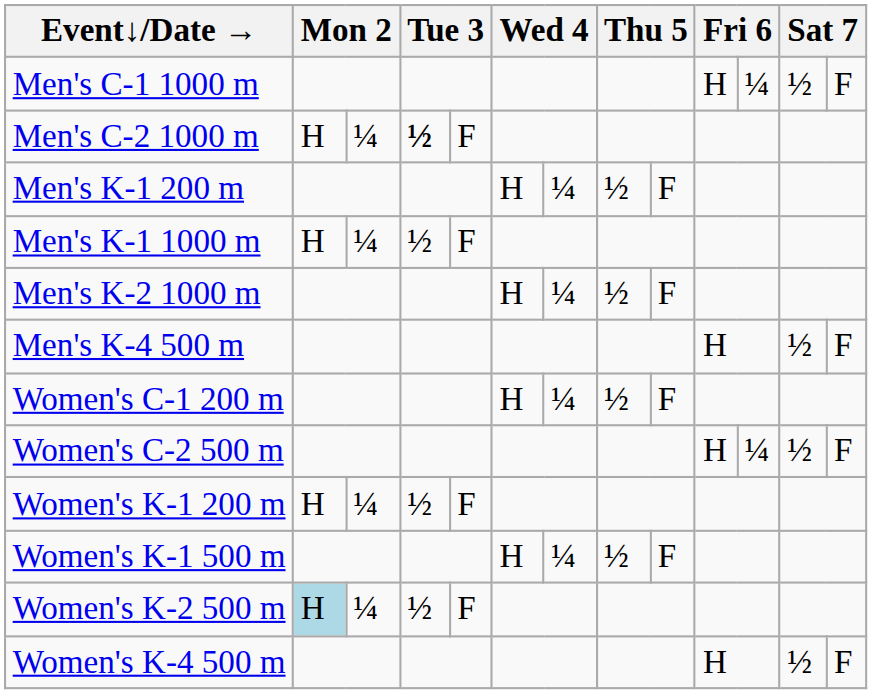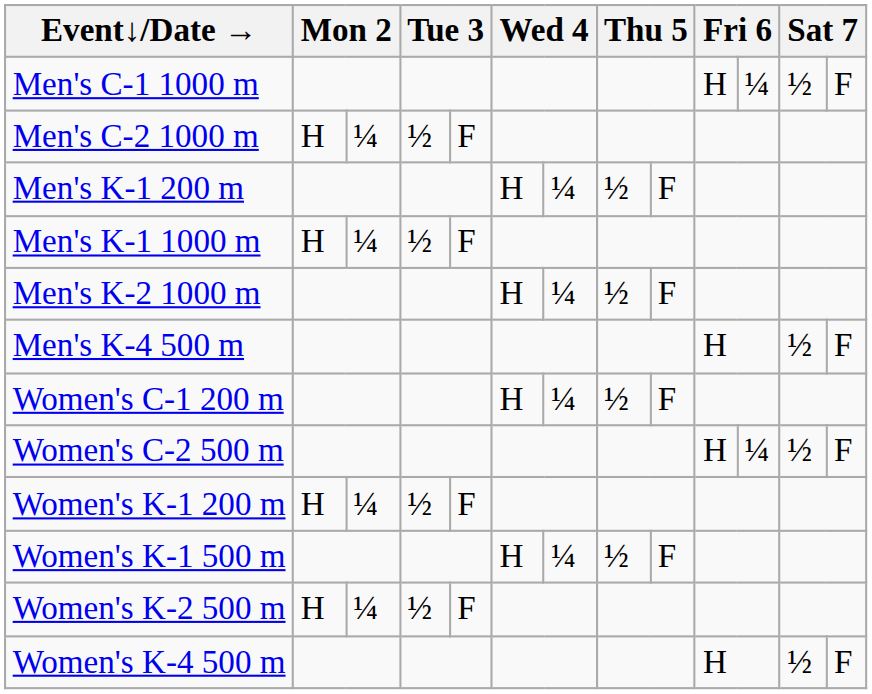 <table class="wikitable olympic-schedule canoeing">
 <tr>
 <th>Event↓/Date →</th>
 <th colspan="2">Mon 2</th>
 <th colspan="2">Tue 3</th>
 <th colspan="2">Wed 4</th>
 <th colspan="2">Thu 5</th>
 <th colspan="2">Fri 6</th>
 <th colspan="2">Sat 7</th>
 </tr>
 <tr>
 <td class="event"><a href='#'>Men's C-1 1000 m</a></td>
 <td colspan="2"></td>
 <td colspan="2"></td>
 <td colspan="2"></td>
 <td colspan="2"></td>
 <td class="heats">H</td>
 <td class="quarterfinals">¼</td>
 <td class="semifinals">½</td>
 <td class="final">F</td>
 </tr>
 <tr>
 <td class="event"><a href='#'>Men's C-2 1000 m</a></td>
 <td class="heats">H</td>
 <td class="quarterfinals">¼</td>
-<td class="semifinals"><strong>½</strong></td>
+<td class="semifinals">½</td>
 <td class="final">F</td>
 <td colspan="2"></td>
 <td colspan="2"></td>
 <td colspan="2"></td>
 <td colspan="2"></td>
 </tr>
 <tr>
 <td class="event"><a href='#'>Men's K-1 200 m</a></td>
 <td colspan="2"></td>
 <td colspan="2"></td>
 <td class="heats">H</td>
 <td class="quarterfinals">¼</td>
 <td class="semifinals">½</td>
 <td class="final">F</td>
 <td colspan="2"></td>
 <td colspan="2"></td>
 </tr>
 <tr>
 <td class="event"><a href='#'>Men's K-1 1000 m</a></td>
 <td class="heats">H</td>
 <td class="quarterfinals">¼</td>
 <td class="semifinals">½</td>
 <td class="final">F</td>
 <td colspan="2"></td>
 <td colspan="2"></td>
 <td colspan="2"></td>
 <td colspan="2"></td>
 </tr>
 <tr>
 <td class="event"><a href='#'>Men's K-2 1000 m</a></td>
 <td colspan="2"></td>
 <td colspan="2"></td>
 <td class="heats">H</td>
 <td class="quarterfinals">¼</td>
 <td class="semifinals">½</td>
 <td class="final">F</td>
 <td colspan="2"></td>
 <td colspan="2"></td>
 </tr>
 <tr>
 <td class="event"><a href='#'>Men's K-4 500 m</a></td>
 <td colspan="2"></td>
 <td colspan="2"></td>
 <td colspan="2"></td>
 <td colspan="2"></td>
 <td colspan=2 class="heats">H</td>
 <td class="semifinals">½</td>
 <td class="final">F</td>
 </tr>
 <tr>
 <td class="event"><a href='#'>Women's C-1 200 m</a></td>
 <td colspan="2"></td>
 <td colspan="2"></td>
 <td class="heats">H</td>
 <td class="quarterfinals">¼</td>
 <td class="semifinals">½</td>
 <td class="final">F</td>
 <td colspan="2"></td>
 <td colspan="2"></td>
 </tr>
 <tr>
 <td class="event"><a href='#'>Women's C-2 500 m</a></td>
 <td colspan="2"></td>
 <td colspan="2"></td>
 <td colspan="2"></td>
 <td colspan="2"></td>
 <td class="heats">H</td>
 <td class="quarterfinals">¼</td>
 <td class="semifinals">½</td>
 <td class="final">F</td>
 </tr>
 <tr>
 <td class="event"><a href='#'>Women's K-1 200 m</a></td>
 <td class="heats">H</td>
 <td class="quarterfinals">¼</td>
 <td class="semifinals">½</td>
 <td class="final">F</td>
 <td colspan="2"></td>
 <td colspan="2"></td>
 <td colspan="2"></td>
 <td colspan="2"></td>
 </tr>
 <tr>
 <td class="event"><a href='#'>Women's K-1 500 m</a></td>
 <td colspan="2"></td>
 <td colspan="2"></td>
 <td class="heats">H</td>
 <td class="quarterfinals">¼</td>
 <td class="semifinals">½</td>
 <td class="final">F</td>
 <td colspan="2"></td>
 <td colspan="2"></td>
 </tr>
 <tr>
 <td class="event"><a href='#'>Women's K-2 500 m</a></td>
-<td class="heats" style="background: lightblue;">H</td>
+<td class="heats">H</td>
 <td class="quarterfinals">¼</td>
 <td class="semifinals">½</td>
 <td class="final">F</td>
 <td colspan="2"></td>
 <td colspan="2"></td>
 <td colspan="2"></td>
 <td colspan="2"></td>
 </tr>
 <tr>
 <td class="event"><a href='#'>Women's K-4 500 m</a></td>
 <td colspan="2"></td>
 <td colspan="2"></td>
 <td colspan="2"></td>
 <td colspan="2"></td>
 <td colspan=2 class="heats">H</td>
 <td class="semifinals">½</td>
 <td class="final">F</td>
 </tr>
 </table>
